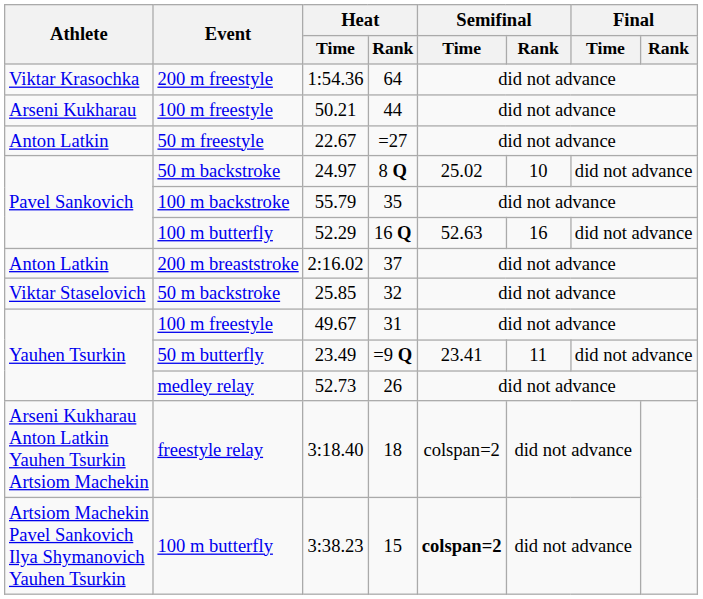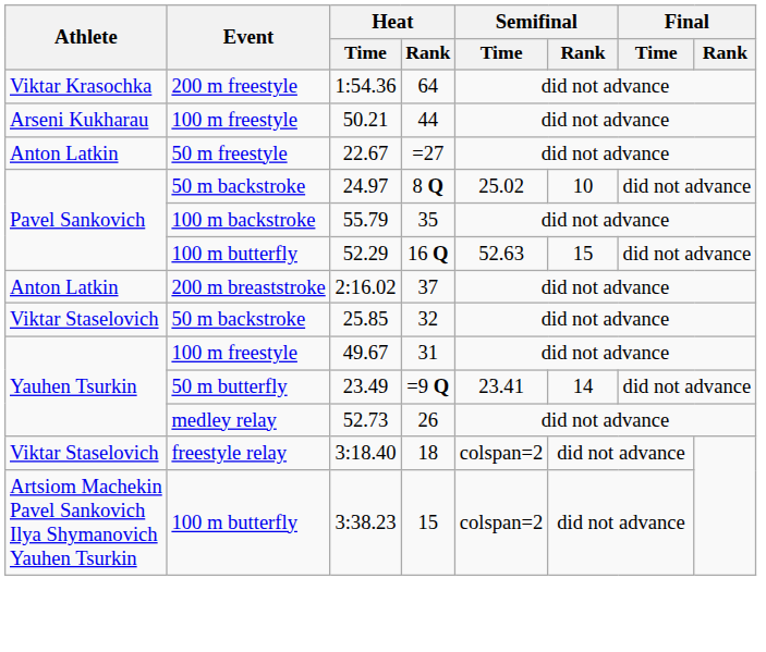 <table class=wikitable style="font-size:90%">
 <tr>
 <th rowspan="2">Athlete</th>
 <th rowspan="2">Event</th>
 <th colspan="2">Heat</th>
 <th colspan="2">Semifinal</th>
 <th colspan="2">Final</th>
 </tr>
 <tr style="font-size:95%">
 <th>Time</th>
 <th>Rank</th>
 <th>Time</th>
 <th>Rank</th>
 <th>Time</th>
 <th>Rank</th>
 </tr>
 <tr align=center>
 <td align=left><a href='#'>Viktar Krasochka</a></td>
 <td align=left><a href='#'>200 m freestyle</a></td>
 <td>1:54.36</td>
 <td>64</td>
 <td colspan=4>did not advance</td>
 </tr>
 <tr align=center>
 <td align=left><a href='#'>Arseni Kukharau</a></td>
 <td align=left><a href='#'>100 m freestyle</a></td>
 <td>50.21</td>
 <td>44</td>
 <td colspan=4>did not advance</td>
 </tr>
 <tr align=center>
 <td align=left><a href='#'>Anton Latkin</a></td>
 <td align=left><a href='#'>50 m freestyle</a></td>
 <td>22.67</td>
 <td>=27</td>
 <td colspan=4>did not advance</td>
 </tr>
 <tr align=center>
 <td align=left rowspan=3><a href='#'>Pavel Sankovich</a></td>
 <td align=left><a href='#'>50 m backstroke</a></td>
 <td>24.97</td>
 <td>8 <strong>Q</strong></td>
 <td>25.02</td>
 <td>10</td>
 <td colspan=2>did not advance</td>
 </tr>
 <tr align=center>
 <td align=left><a href='#'>100 m backstroke</a></td>
 <td>55.79</td>
 <td>35</td>
 <td colspan=4>did not advance</td>
 </tr>
 <tr align=center>
 <td align=left><a href='#'>100 m butterfly</a></td>
 <td>52.29</td>
 <td>16 <strong>Q</strong></td>
 <td>52.63</td>
-<td>16</td>
+<td>15</td>
 <td colspan=2>did not advance</td>
 </tr>
 <tr align=center>
 <td align=left><a href='#'>Anton Latkin</a></td>
 <td align=left><a href='#'>200 m breaststroke</a></td>
 <td>2:16.02</td>
 <td>37</td>
 <td colspan=4>did not advance</td>
 </tr>
 <tr align=center>
 <td align=left><a href='#'>Viktar Staselovich</a></td>
 <td align=left><a href='#'>50 m backstroke</a></td>
 <td>25.85</td>
 <td>32</td>
 <td colspan=4>did not advance</td>
 </tr>
 <tr align=center>
 <td align=left rowspan=3><a href='#'>Yauhen Tsurkin</a></td>
 <td align=left><a href='#'>100 m freestyle</a></td>
 <td>49.67</td>
 <td>31</td>
 <td colspan=4>did not advance</td>
 </tr>
 <tr align=center>
 <td align=left><a href='#'>50 m butterfly</a></td>
 <td>23.49</td>
 <td>=9 <strong>Q</strong></td>
 <td>23.41</td>
-<td>11</td>
+<td>14</td>
 <td colspan=2>did not advance</td>
 </tr>
 <tr align=center>
 <td align=left><a href='#'> medley relay</a></td>
 <td>52.73</td>
 <td>26</td>
 <td colspan=4>did not advance</td>
 </tr>
 <tr align=center>
-<td align=left><a href='#'>Arseni Kukharau</a><br><a href='#'>Anton Latkin</a><br><a href='#'>Yauhen Tsurkin</a><br><a href='#'>Artsiom Machekin</a></td>
+<td align=left><a href='#'>Viktar Staselovich</a></td>
 <td align=left><a href='#'> freestyle relay</a></td>
 <td>3:18.40</td>
 <td>18</td>
 <td>colspan=2 </td>
 <td colspan=2>did not advance</td>
 </tr>
 <tr align=center>
 <td align=left><a href='#'>Artsiom Machekin</a><br><a href='#'>Pavel Sankovich</a><br><a href='#'>Ilya Shymanovich</a><br><a href='#'>Yauhen Tsurkin</a></td>
 <td align=left><a href='#'>100 m butterfly</a></td>
 <td>3:38.23</td>
 <td>15</td>
-<td><strong>colspan=2 </strong></td>
+<td>colspan=2 </td>
 <td colspan=2>did not advance</td>
 </tr>
 </table>
